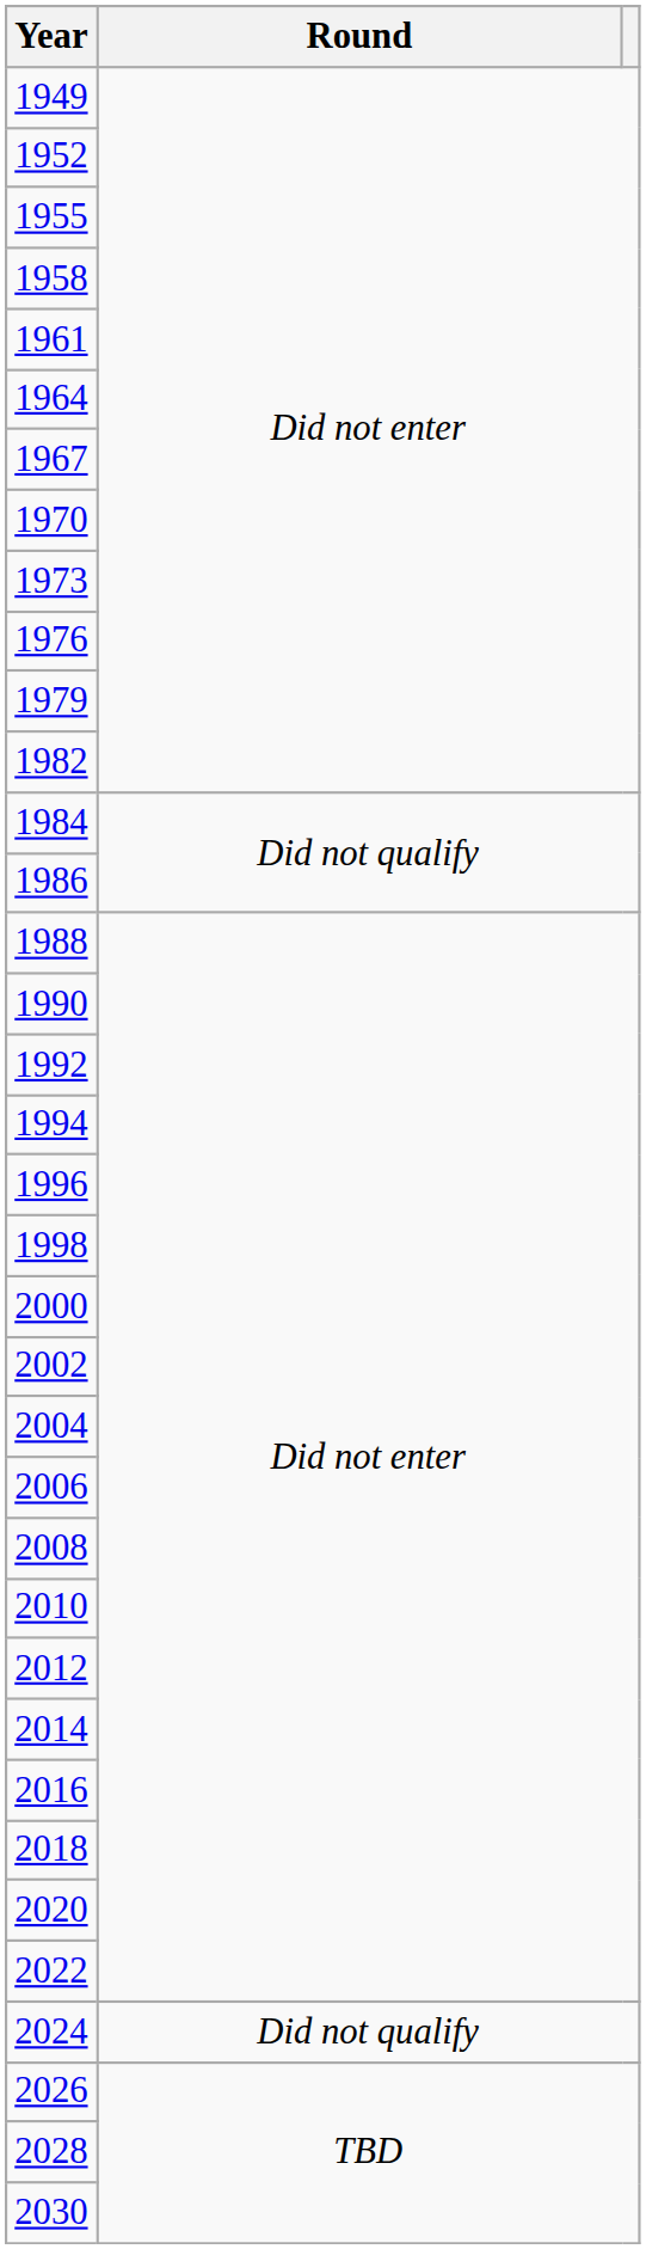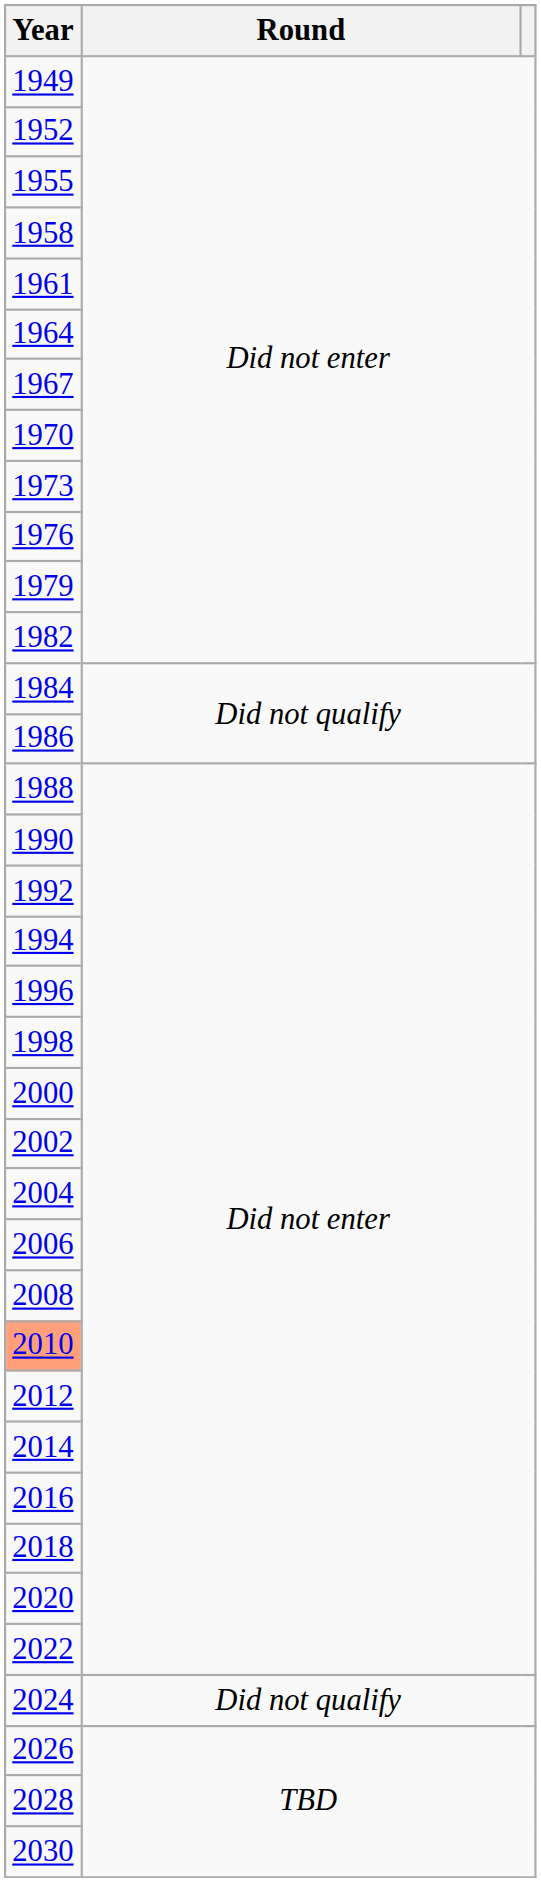 <table class="wikitable" style="text-align: center; font-size:90%">
 <tr>
 <th>Year</th>
 <th style="width:200px">Round</th>
 <th></th>
 </tr>
 <tr>
 <td><a href='#'>1949</a></td>
 <td colspan="2" rowspan="12"><em>Did not enter</em></td>
 </tr>
 <tr>
 <td><a href='#'>1952</a></td>
 </tr>
 <tr>
 <td><a href='#'>1955</a></td>
 </tr>
 <tr>
 <td><a href='#'>1958</a></td>
 </tr>
 <tr>
 <td><a href='#'>1961</a></td>
 </tr>
 <tr>
 <td><a href='#'>1964</a></td>
 </tr>
 <tr>
 <td><a href='#'>1967</a></td>
 </tr>
 <tr>
 <td><a href='#'>1970</a></td>
 </tr>
 <tr>
 <td><a href='#'>1973</a></td>
 </tr>
 <tr>
 <td><a href='#'>1976</a></td>
 </tr>
 <tr>
 <td><a href='#'>1979</a></td>
 </tr>
 <tr>
 <td><a href='#'>1982</a></td>
 </tr>
 <tr>
 <td><a href='#'>1984</a></td>
 <td colspan="2" rowspan="2"><em>Did not qualify</em></td>
 </tr>
 <tr>
 <td><a href='#'>1986</a></td>
 </tr>
 <tr>
 <td><a href='#'>1988</a></td>
 <td colspan="2" rowspan="18"><em>Did not enter</em></td>
 </tr>
 <tr>
 <td><a href='#'>1990</a></td>
 </tr>
 <tr>
 <td><a href='#'>1992</a></td>
 </tr>
 <tr>
 <td><a href='#'>1994</a></td>
 </tr>
 <tr>
 <td><a href='#'>1996</a></td>
 </tr>
 <tr>
 <td><a href='#'>1998</a></td>
 </tr>
 <tr>
 <td><a href='#'>2000</a></td>
 </tr>
 <tr>
 <td><a href='#'>2002</a></td>
 </tr>
 <tr>
 <td><a href='#'>2004</a></td>
 </tr>
 <tr>
 <td><a href='#'>2006</a></td>
 </tr>
 <tr>
 <td><a href='#'>2008</a></td>
 </tr>
 <tr>
-<td><a href='#'>2010</a></td>
+<td style="background: lightsalmon;"><a href='#'>2010</a></td>
 </tr>
 <tr>
 <td><a href='#'>2012</a></td>
 </tr>
 <tr>
 <td><a href='#'>2014</a></td>
 </tr>
 <tr>
 <td><a href='#'>2016</a></td>
 </tr>
 <tr>
 <td><a href='#'>2018</a></td>
 </tr>
 <tr>
 <td><a href='#'>2020</a></td>
 </tr>
 <tr>
 <td><a href='#'>2022</a></td>
 </tr>
 <tr>
 <td><a href='#'>2024</a></td>
 <td colspan="2" rowspan="1"><em>Did not qualify</em></td>
 </tr>
 <tr>
 <td><a href='#'>2026</a></td>
 <td colspan="2" rowspan="3"><em>TBD</em></td>
 </tr>
 <tr>
 <td><a href='#'>2028</a></td>
 </tr>
 <tr>
 <td><a href='#'>2030</a></td>
 </tr>
 </table>
